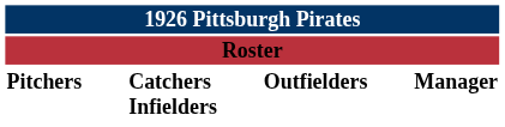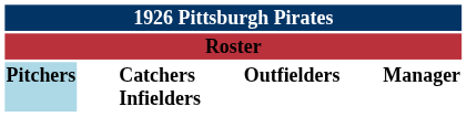 <table class="toccolours" style="font-size: 95%;">
 <tr>
 <th colspan="10" style="background-color: #023465; color: white; text-align: center;">1926 Pittsburgh Pirates</th>
 </tr>
 <tr>
 <td colspan="10" style="background-color: #ba313c; color: black; text-align: center;"><strong>Roster</strong></td>
 </tr>
 <tr>
-<td valign="top"><strong>Pitchers</strong><br>              </td>
+<td valign="top" style="background: lightblue;"><strong>Pitchers</strong><br>              </td>
 <td width="25px"></td>
 <td valign="top"><strong>Catchers</strong><br>   <strong>Infielders</strong>        </td>
 <td width="25px"></td>
 <td valign="top"><strong>Outfielders</strong><br>        </td>
 <td width="25px"></td>
 <td valign="top"><strong>Manager</strong><br></td>
 </tr>
 </table>
